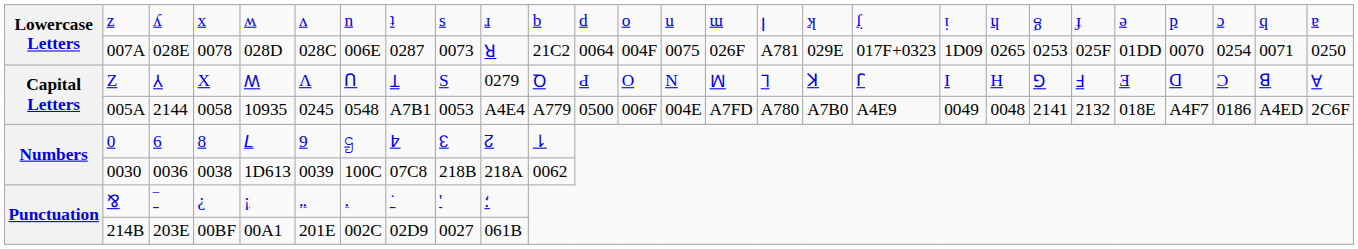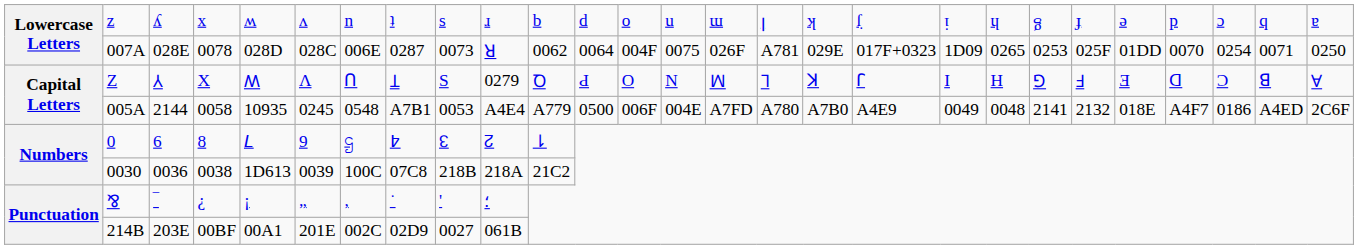 <table class="wikitable" id="Upside_Down_Conversion_Table">
 <tr>
 <th rowspan=2><strong>Lowercase <a href='#'>Letters</a></strong></th>
 <td><a href='#'>z</a></td>
 <td><a href='#'>ʎ</a></td>
 <td><a href='#'>x</a></td>
 <td><a href='#'>ʍ</a></td>
 <td><a href='#'>ʌ</a></td>
 <td><a href='#'>n</a></td>
 <td><a href='#'>ʇ</a></td>
 <td><a href='#'>s</a></td>
 <td><a href='#'>ɹ</a></td>
 <td><a href='#'>b</a></td>
 <td><a href='#'>d</a></td>
 <td><a href='#'>o</a></td>
 <td><a href='#'>u</a></td>
 <td><a href='#'>ɯ</a></td>
 <td><a href='#'>ꞁ</a></td>
 <td><a href='#'>ʞ</a></td>
 <td><a href='#'>ſ̣</a></td>
 <td><a href='#'>ᴉ</a></td>
 <td><a href='#'>ɥ</a></td>
 <td><a href='#'>ᵷ</a></td>
 <td><a href='#'>ɟ</a></td>
 <td><a href='#'>ǝ</a></td>
 <td><a href='#'>p</a></td>
 <td><a href='#'>ɔ</a></td>
 <td><a href='#'>q</a></td>
 <td><a href='#'>ɐ</a></td>
 </tr>
 <tr>
 <td>007A</td>
 <td>028E</td>
 <td>0078</td>
 <td>028D</td>
 <td>028C</td>
 <td>006E</td>
 <td>0287</td>
 <td>0073</td>
 <td><a href='#'>ꓤ</a></td>
-<td>21C2</td>
+<td>0062</td>
 <td>0064</td>
 <td>004F</td>
 <td>0075</td>
 <td>026F</td>
 <td>A781</td>
 <td>029E</td>
 <td>017F+0323</td>
 <td>1D09</td>
 <td>0265</td>
 <td>0253</td>
 <td>025F</td>
 <td>01DD</td>
 <td>0070</td>
 <td>0254</td>
 <td>0071</td>
 <td>0250</td>
 </tr>
 <tr>
 <th rowspan=2><strong>Capital <a href='#'>Letters</a></strong></th>
 <td><a href='#'>Z</a></td>
 <td><a href='#'>⅄</a></td>
 <td><a href='#'>X</a></td>
 <td><a href='#'>𐤵</a></td>
 <td><a href='#'>Ʌ</a></td>
 <td><a href='#'>Ո</a></td>
 <td><a href='#'>Ʇ</a></td>
 <td><a href='#'>S</a></td>
 <td>0279</td>
 <td><a href='#'>Ꝺ</a></td>
 <td><a href='#'>Ԁ</a></td>
 <td><a href='#'>O</a></td>
 <td><a href='#'>N</a></td>
 <td><a href='#'>ꟽ</a></td>
 <td><a href='#'>⅂</a></td>
 <td><a href='#'>ꓘ</a></td>
 <td><a href='#'>ꓩ</a></td>
 <td><a href='#'>I</a></td>
 <td><a href='#'>H</a></td>
 <td><a href='#'>⅁</a></td>
 <td><a href='#'>Ⅎ</a></td>
 <td><a href='#'>Ǝ</a></td>
 <td><a href='#'>ꓷ</a></td>
 <td><a href='#'>Ɔ</a></td>
 <td><a href='#'>ꓭ</a></td>
 <td><a href='#'>Ɐ</a></td>
 </tr>
 <tr>
 <td>005A</td>
 <td>2144</td>
 <td>0058</td>
 <td>10935</td>
 <td>0245</td>
 <td>0548</td>
 <td>A7B1</td>
 <td>0053</td>
 <td>A4E4</td>
 <td>A779</td>
 <td>0500</td>
 <td>006F</td>
 <td>004E</td>
 <td>A7FD</td>
 <td>A780</td>
 <td>A7B0</td>
 <td>A4E9</td>
 <td>0049</td>
 <td>0048</td>
 <td>2141</td>
 <td>2132</td>
 <td>018E</td>
 <td>A4F7</td>
 <td>0186</td>
 <td>A4ED</td>
 <td>2C6F</td>
 </tr>
 <tr>
 <th rowspan=2><strong><a href='#'>Numbers</a></strong></th>
 <td><a href='#'>0</a></td>
 <td><a href='#'>6</a></td>
 <td><a href='#'>8</a></td>
 <td><a href='#'>𝘓</a></td>
 <td><a href='#'>9</a></td>
 <td><a href='#'>ဌ</a></td>
 <td><a href='#'>߈</a></td>
 <td><a href='#'>↋</a></td>
 <td><a href='#'>↊</a></td>
 <td><a href='#'>⇂</a></td>
 </tr>
 <tr>
 <td>0030</td>
 <td>0036</td>
 <td>0038</td>
 <td>1D613</td>
 <td>0039</td>
 <td>100C</td>
 <td>07C8</td>
 <td>218B</td>
 <td>218A</td>
-<td>0062</td>
+<td>21C2</td>
 </tr>
 <tr>
 <th rowspan=2><strong><a href='#'>Punctuation</a></strong></th>
 <td><a href='#'>⅋</a></td>
 <td><a href='#'>‾</a></td>
 <td><a href='#'>¿</a></td>
 <td><a href='#'>¡</a></td>
 <td><a href='#'>„</a></td>
 <td><a href='#'>,</a></td>
 <td><a href='#'>˙</a></td>
 <td><a href='#'>'</a></td>
 <td><a href='#'>؛</a></td>
 </tr>
 <tr>
 <td>214B</td>
 <td>203E</td>
 <td>00BF</td>
 <td>00A1</td>
 <td>201E</td>
 <td>002C</td>
 <td>02D9</td>
 <td>0027</td>
 <td>061B</td>
 </tr>
 </table>
